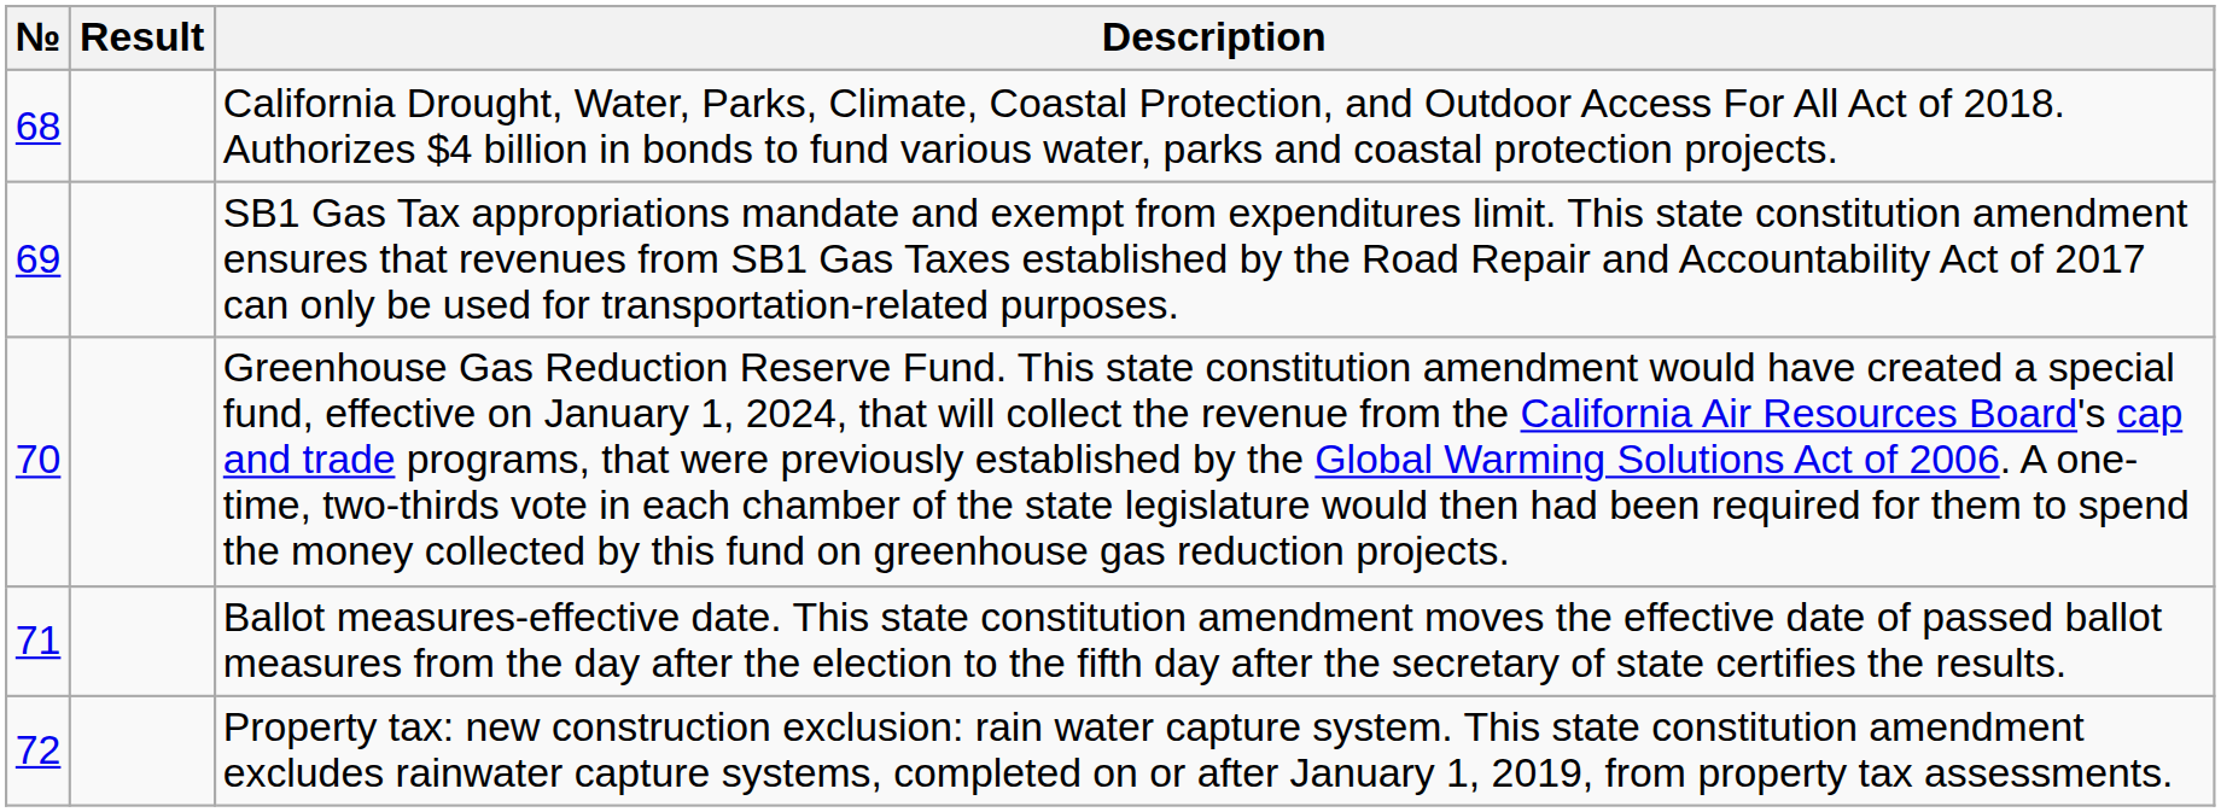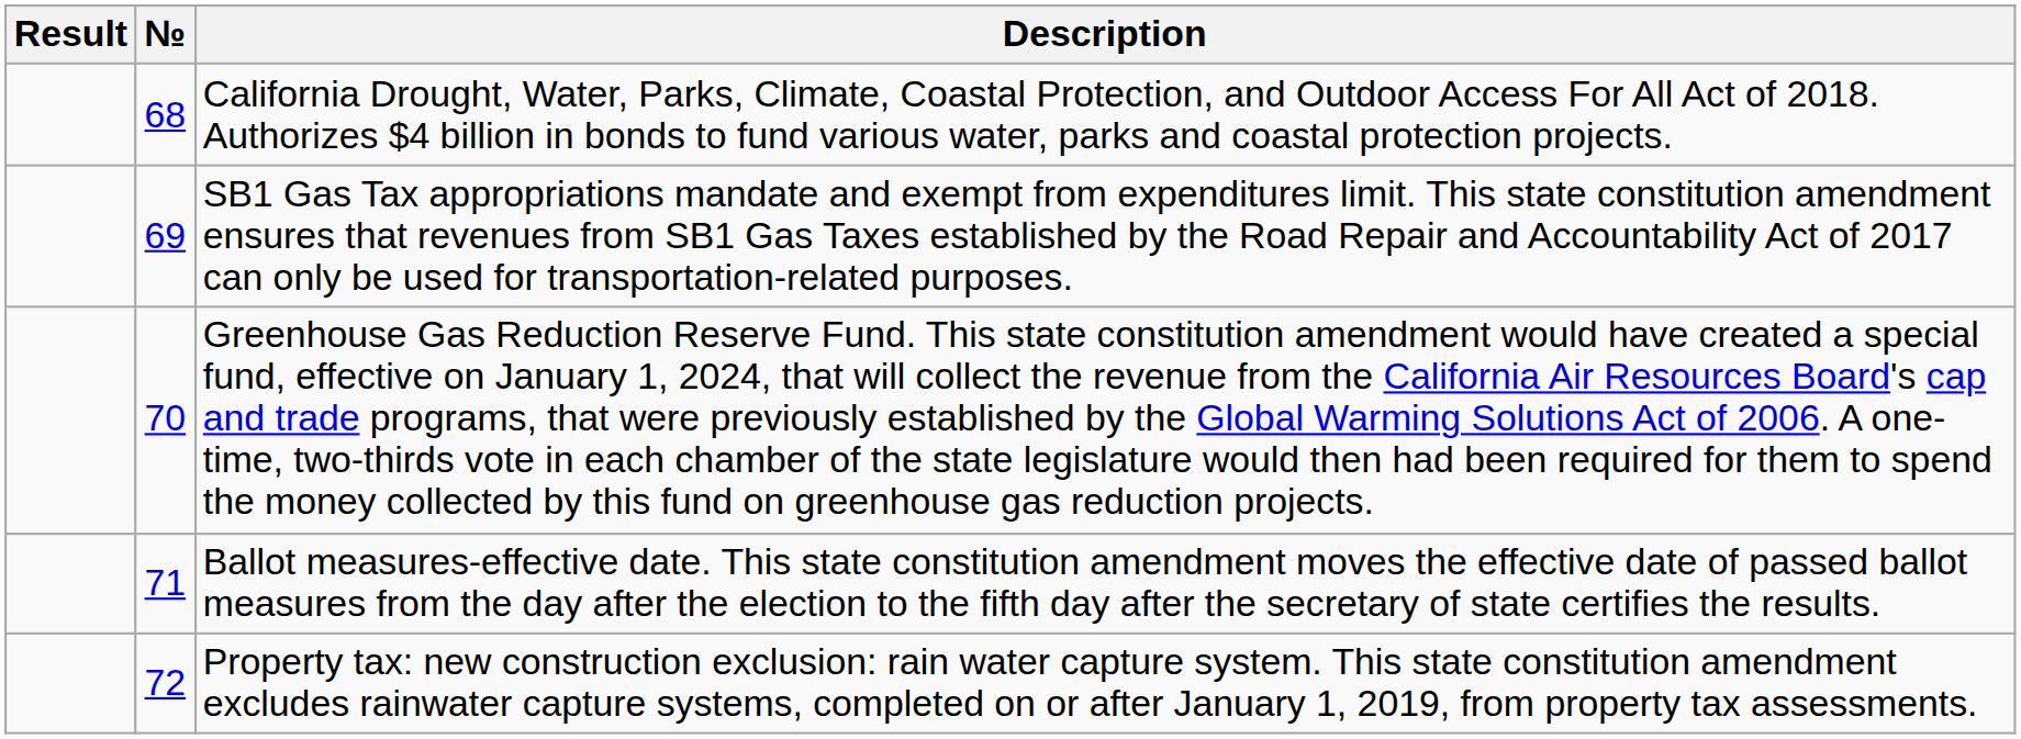 <table class="wikitable">
 <tr>
+<th scope="col">Result</th>
 <th scope="col">№</th>
-<th scope="col">Result</th>
 <th scope="col">Description</th>
 </tr>
 <tr>
+<td></td>
 <td><a href='#'>68</a></td>
-<td></td>
 <td>California Drought, Water, Parks, Climate, Coastal Protection, and Outdoor Access For All Act of 2018. Authorizes $4 billion in bonds to fund various water, parks and coastal protection projects.</td>
 </tr>
 <tr>
+<td></td>
 <td><a href='#'>69</a></td>
-<td></td>
 <td>SB1 Gas Tax appropriations mandate and exempt from expenditures limit. This state constitution amendment ensures that revenues from SB1 Gas Taxes established by the Road Repair and Accountability Act of 2017 can only be used for transportation-related purposes.</td>
 </tr>
 <tr>
+<td></td>
 <td><a href='#'>70</a></td>
-<td></td>
 <td>Greenhouse Gas Reduction Reserve Fund. This state constitution amendment would have created a special fund, effective on January 1, 2024, that will collect the revenue from the <a href='#'>California Air Resources Board</a>'s <a href='#'>cap and trade</a> programs, that were previously established by the <a href='#'>Global Warming Solutions Act of 2006</a>. A one-time, two-thirds vote in each chamber of the state legislature would then had been required for them to spend the money collected by this fund on greenhouse gas reduction projects.</td>
 </tr>
 <tr>
+<td></td>
 <td><a href='#'>71</a></td>
-<td></td>
 <td>Ballot measures-effective date. This state constitution amendment moves the effective date of passed ballot measures from the day after the election to the fifth day after the secretary of state certifies the results.</td>
 </tr>
 <tr>
+<td></td>
 <td><a href='#'>72</a></td>
-<td></td>
 <td>Property tax: new construction exclusion: rain water capture system. This state constitution amendment excludes rainwater capture systems, completed on or after January 1, 2019, from property tax assessments.</td>
 </tr>
 </table>
